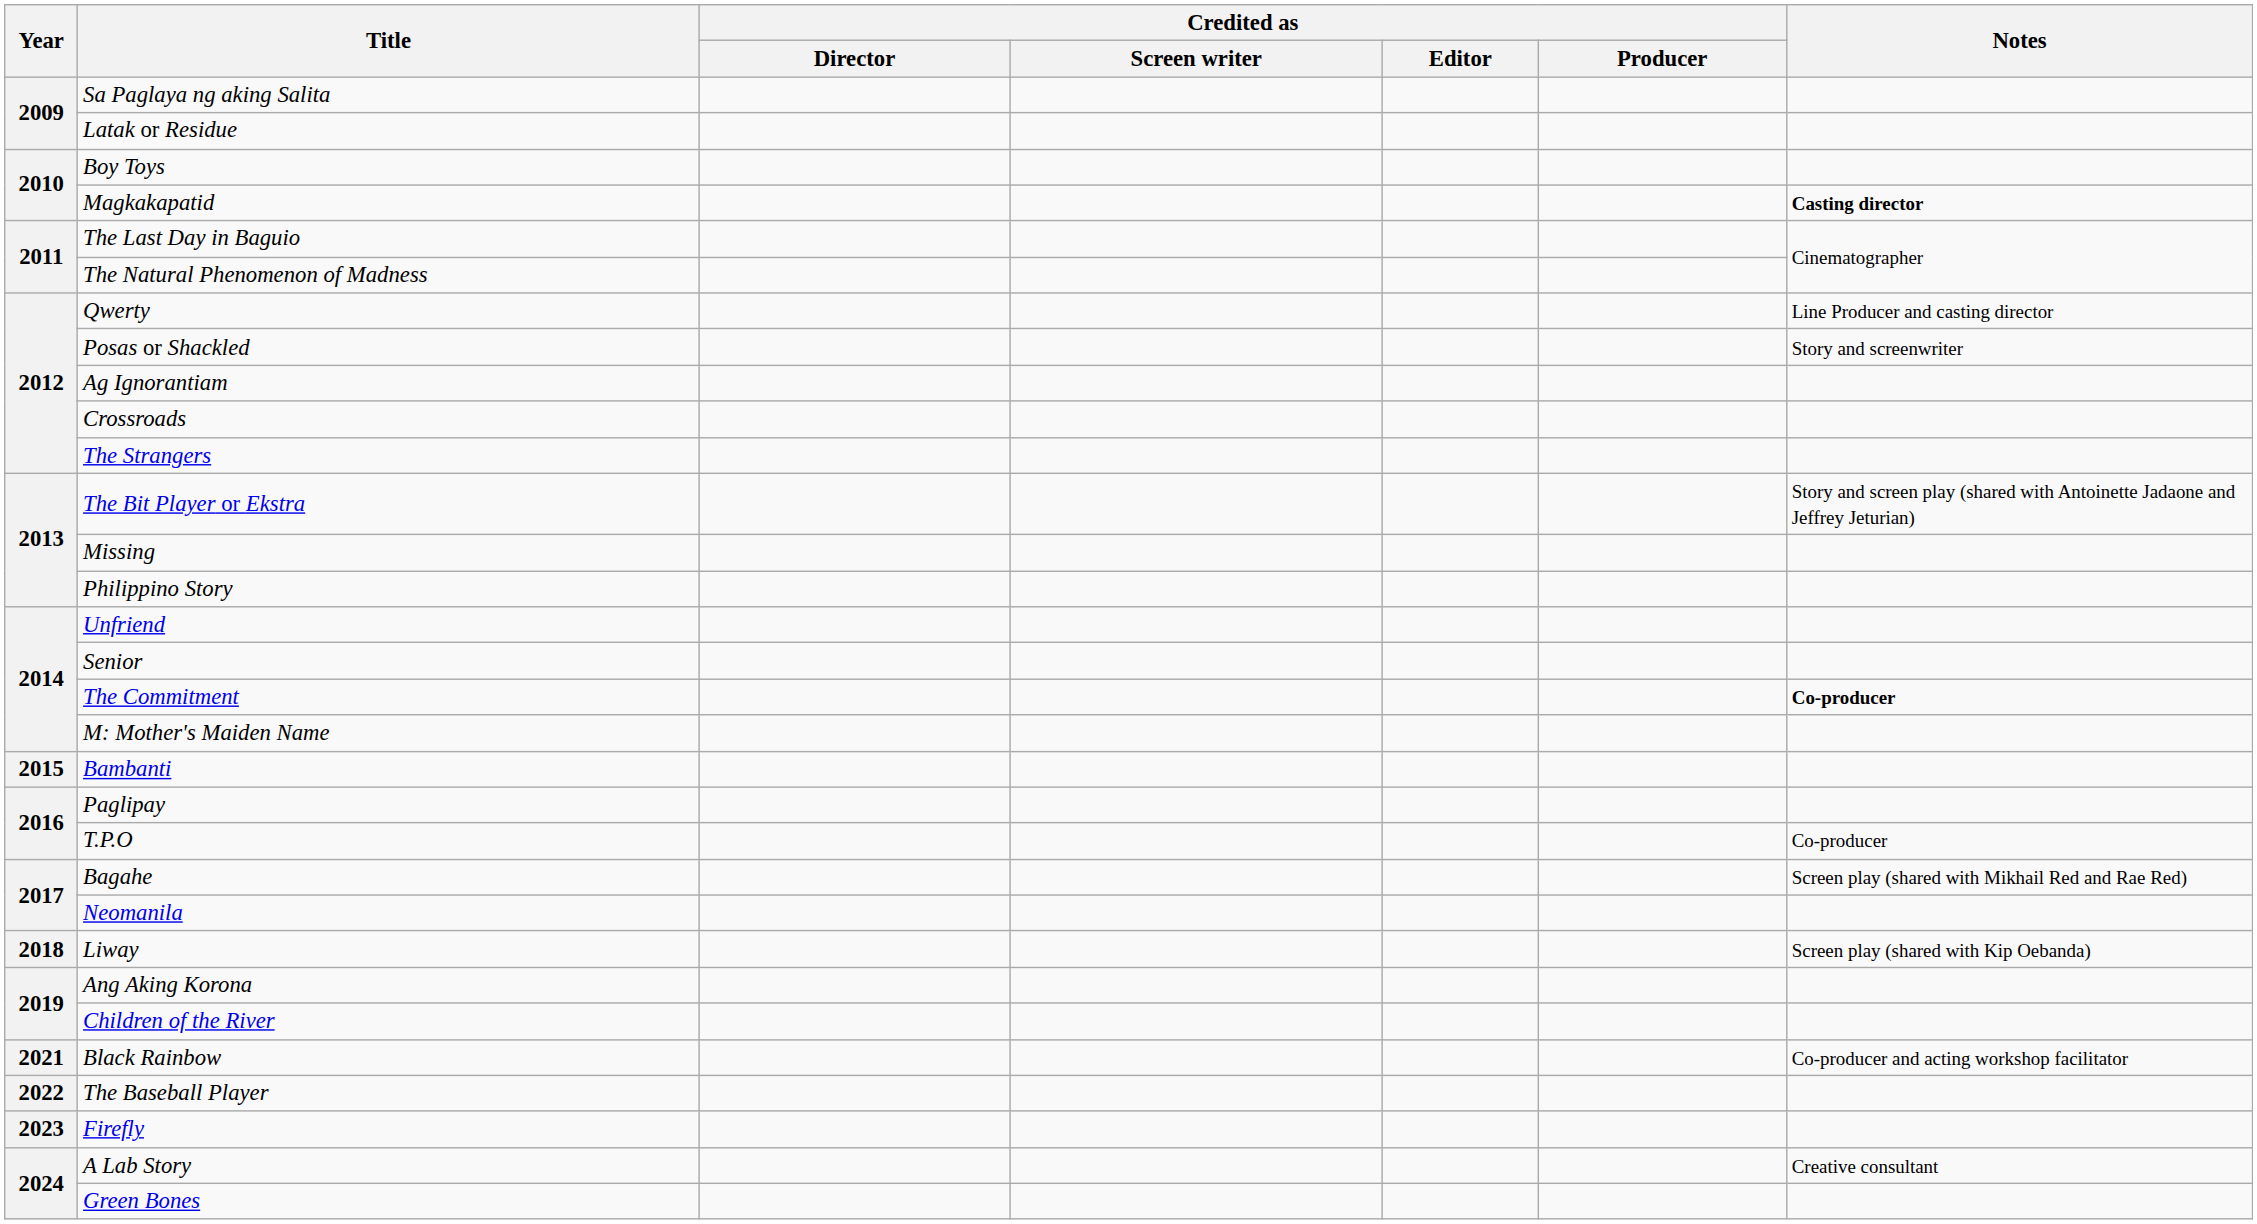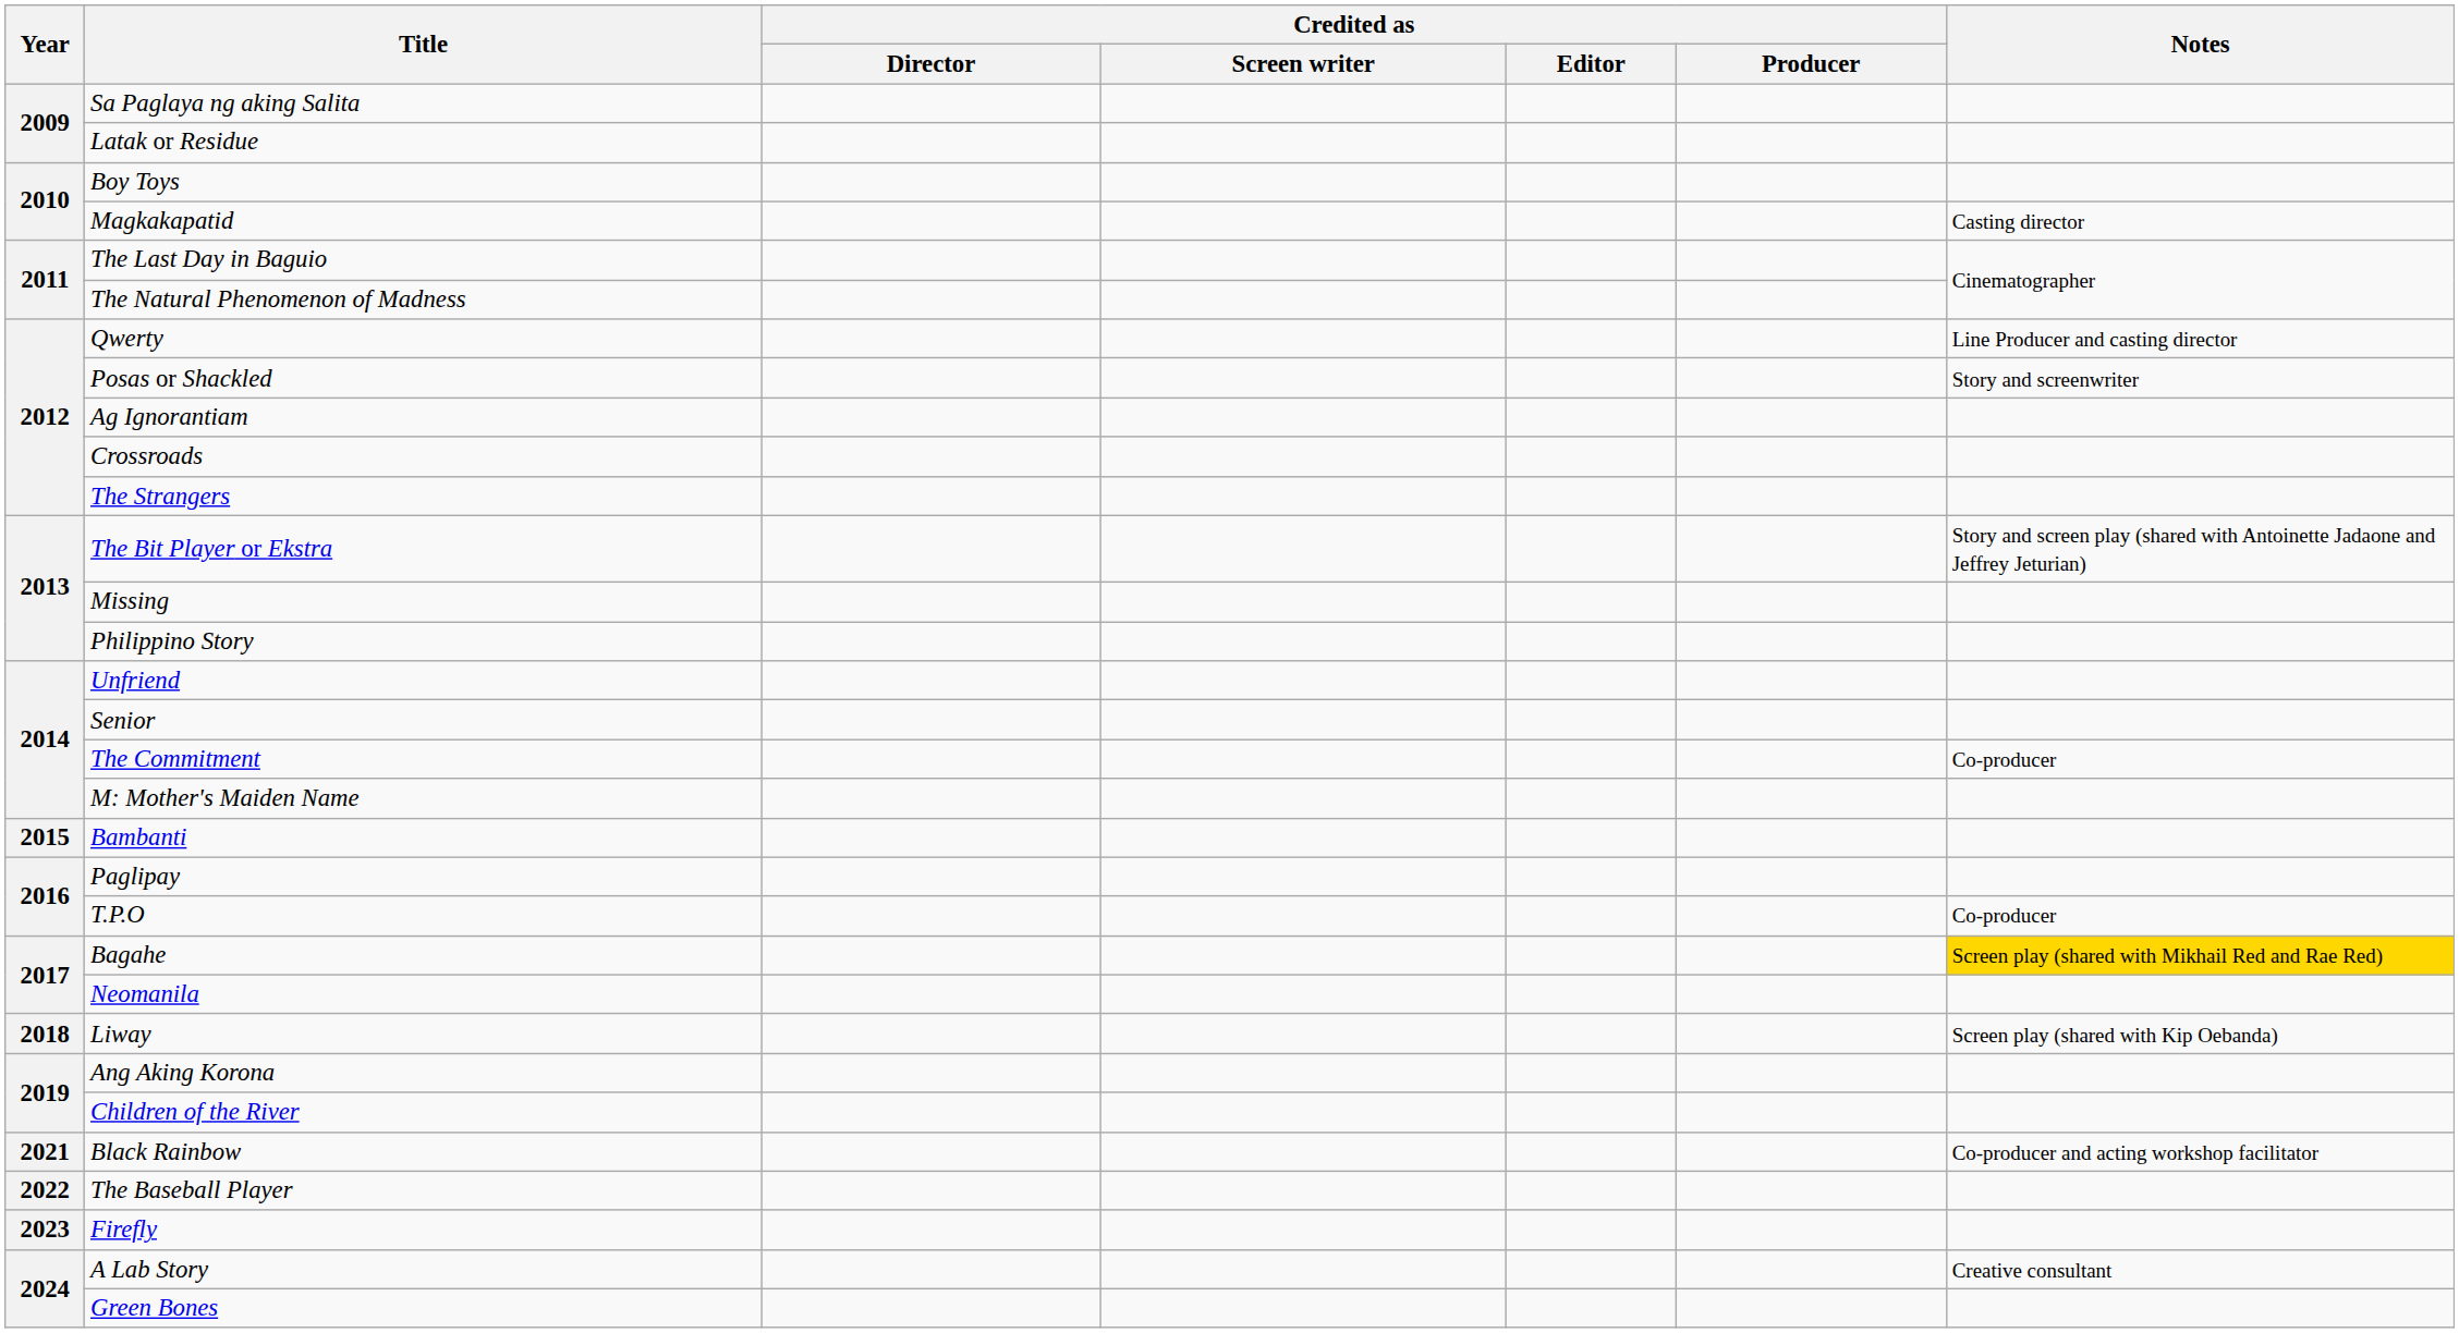 <table class="wikitable sortable plainrowheaders" style="margin-right: 0;">
 <tr>
 <th rowspan="2" scope="col" width="2%">Year</th>
 <th rowspan="2" scope="col" width="20%">Title</th>
 <th colspan="4" scope="col" width="50%">Credited as</th>
 <th rowspan="2" scope="col" width="15%" class="unsortable">Notes</th>
 </tr>
 <tr>
 <th scope="col" width="10%">Director</th>
 <th scope="col" width="12%">Screen writer</th>
 <th scope="col" width="5%">Editor</th>
 <th scope="col" width="8%">Producer</th>
 </tr>
 <tr>
 <th rowspan="2">2009</th>
 <td><em>Sa Paglaya ng aking Salita</em></td>
 <td></td>
 <td></td>
 <td></td>
 <td></td>
 <td></td>
 </tr>
 <tr>
 <td><em>Latak</em> or <em>Residue</em></td>
 <td></td>
 <td></td>
 <td></td>
 <td></td>
 <td></td>
 </tr>
 <tr>
 <th rowspan="2">2010</th>
 <td><em>Boy Toys</em></td>
 <td></td>
 <td></td>
 <td></td>
 <td></td>
 <td></td>
 </tr>
 <tr>
 <td><em>Magkakapatid</em></td>
 <td></td>
 <td></td>
 <td></td>
 <td></td>
-<td><strong><small>Casting director</small></strong></td>
+<td><small>Casting director</small></td>
 </tr>
 <tr>
 <th rowspan="2">2011</th>
 <td><em>The Last Day in Baguio</em></td>
 <td></td>
 <td></td>
 <td></td>
 <td></td>
 <td rowspan="2"><small>Cinematographer</small></td>
 </tr>
 <tr>
 <td><em>The Natural Phenomenon of Madness</em></td>
 <td></td>
 <td></td>
 <td></td>
 <td></td>
 </tr>
 <tr>
 <th rowspan="5">2012</th>
 <td><em>Qwerty</em></td>
 <td></td>
 <td></td>
 <td></td>
 <td></td>
 <td><small>Line Producer and casting director</small></td>
 </tr>
 <tr>
 <td><em>Posas</em> or <em>Shackled</em></td>
 <td></td>
 <td></td>
 <td></td>
 <td></td>
 <td><small>Story and screenwriter</small></td>
 </tr>
 <tr>
 <td><em>Ag Ignorantiam</em></td>
 <td></td>
 <td></td>
 <td></td>
 <td></td>
 <td></td>
 </tr>
 <tr>
 <td><em>Crossroads</em></td>
 <td></td>
 <td></td>
 <td></td>
 <td></td>
 <td></td>
 </tr>
 <tr>
 <td><em><a href='#'>The Strangers</a></em></td>
 <td></td>
 <td></td>
 <td></td>
 <td></td>
 <td></td>
 </tr>
 <tr>
 <th rowspan="3">2013</th>
 <td><a href='#'><em>The Bit Player</em> or <em>Ekstra</em></a></td>
 <td></td>
 <td></td>
 <td></td>
 <td></td>
 <td><small>Story and screen play (shared with Antoinette Jadaone and Jeffrey Jeturian)</small></td>
 </tr>
 <tr>
 <td><em>Missing</em></td>
 <td></td>
 <td></td>
 <td></td>
 <td></td>
 <td></td>
 </tr>
 <tr>
 <td><em>Philippino Story</em></td>
 <td></td>
 <td></td>
 <td></td>
 <td></td>
 <td></td>
 </tr>
 <tr>
 <th rowspan="4">2014</th>
 <td><em><a href='#'>Unfriend</a></em></td>
 <td></td>
 <td></td>
 <td></td>
 <td></td>
 <td></td>
 </tr>
 <tr>
 <td><em>Senior</em></td>
 <td></td>
 <td></td>
 <td></td>
 <td></td>
 <td></td>
 </tr>
 <tr>
 <td><em><a href='#'>The Commitment</a></em></td>
 <td></td>
 <td></td>
 <td></td>
 <td></td>
-<td><strong><small>Co-producer</small></strong></td>
+<td><small>Co-producer</small></td>
 </tr>
 <tr>
 <td><em>M: Mother's Maiden Name</em></td>
 <td></td>
 <td></td>
 <td></td>
 <td></td>
 <td></td>
 </tr>
 <tr>
 <th>2015</th>
 <td><em><a href='#'>Bambanti</a></em></td>
 <td></td>
 <td></td>
 <td></td>
 <td></td>
 <td></td>
 </tr>
 <tr>
 <th rowspan="2">2016</th>
 <td><em>Paglipay</em></td>
 <td></td>
 <td></td>
 <td></td>
 <td></td>
 <td></td>
 </tr>
 <tr>
 <td><em>T.P.O</em></td>
 <td></td>
 <td></td>
 <td></td>
 <td></td>
 <td><small>Co-producer</small></td>
 </tr>
 <tr>
 <th rowspan="2">2017</th>
 <td><em>Bagahe</em></td>
 <td></td>
 <td></td>
 <td></td>
 <td></td>
-<td><small>Screen play (shared with Mikhail Red and Rae Red)</small></td>
+<td style="background: gold;"><small>Screen play (shared with Mikhail Red and Rae Red)</small></td>
 </tr>
 <tr>
 <td><em><a href='#'>Neomanila</a></em></td>
 <td></td>
 <td></td>
 <td></td>
 <td></td>
 <td></td>
 </tr>
 <tr>
 <th>2018</th>
 <td><em>Liway</em></td>
 <td></td>
 <td></td>
 <td></td>
 <td></td>
 <td><small>Screen play  (shared with Kip Oebanda)</small></td>
 </tr>
 <tr>
 <th rowspan="2">2019</th>
 <td><em>Ang Aking Korona</em></td>
 <td></td>
 <td></td>
 <td></td>
 <td></td>
 <td></td>
 </tr>
 <tr>
 <td><em><a href='#'>Children of the River</a></em></td>
 <td></td>
 <td></td>
 <td></td>
 <td></td>
 <td></td>
 </tr>
 <tr>
 <th>2021</th>
 <td><em>Black Rainbow</em></td>
 <td></td>
 <td></td>
 <td></td>
 <td></td>
 <td><small>Co-producer and acting workshop facilitator</small></td>
 </tr>
 <tr>
 <th>2022</th>
 <td><em>The Baseball Player</em></td>
 <td></td>
 <td></td>
 <td></td>
 <td></td>
 <td></td>
 </tr>
 <tr>
 <th>2023</th>
 <td><em><a href='#'>Firefly</a></em></td>
 <td></td>
 <td></td>
 <td></td>
 <td></td>
 <td></td>
 </tr>
 <tr>
 <th rowspan="2">2024</th>
 <td><em>A Lab Story</em></td>
 <td></td>
 <td></td>
 <td></td>
 <td></td>
 <td><small>Creative consultant</small></td>
 </tr>
 <tr>
 <td><em><a href='#'>Green Bones</a></em></td>
 <td></td>
 <td></td>
 <td></td>
 <td></td>
 <td></td>
 </tr>
 </table>
